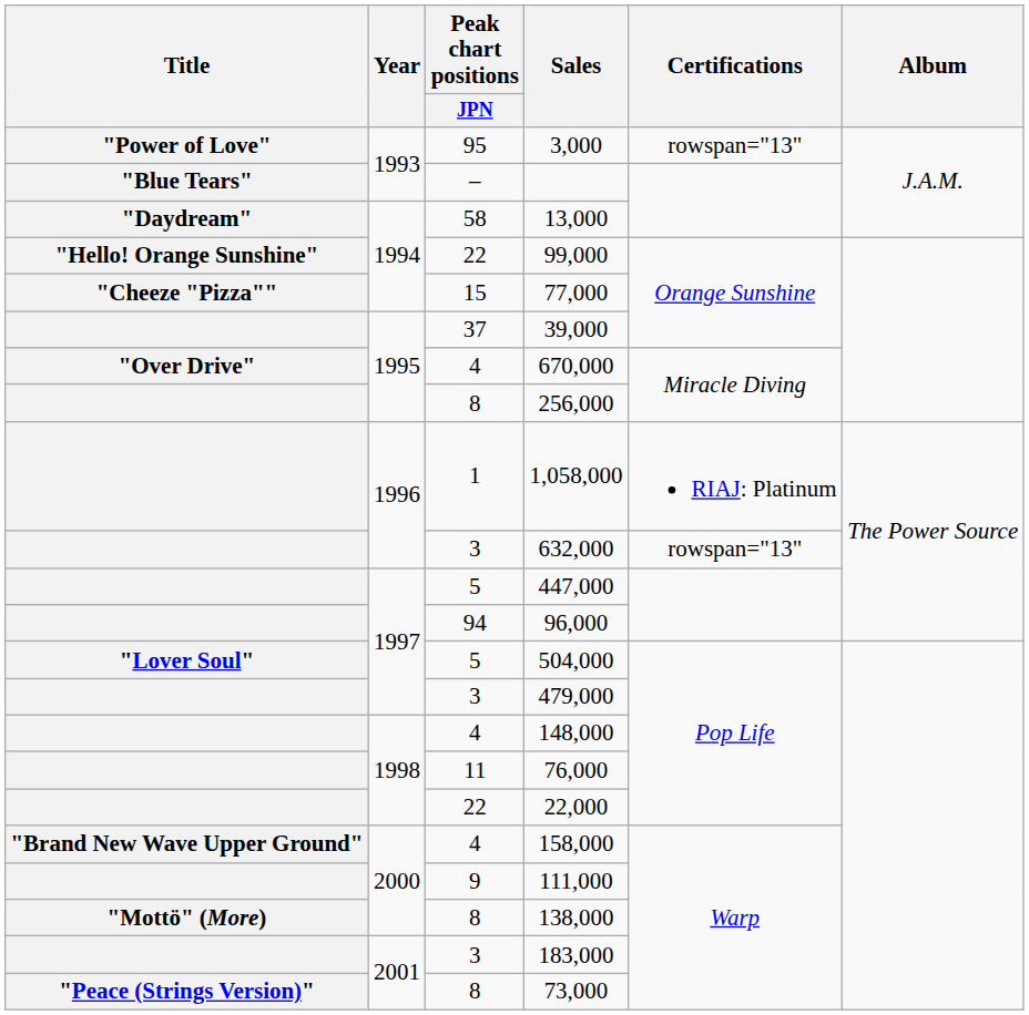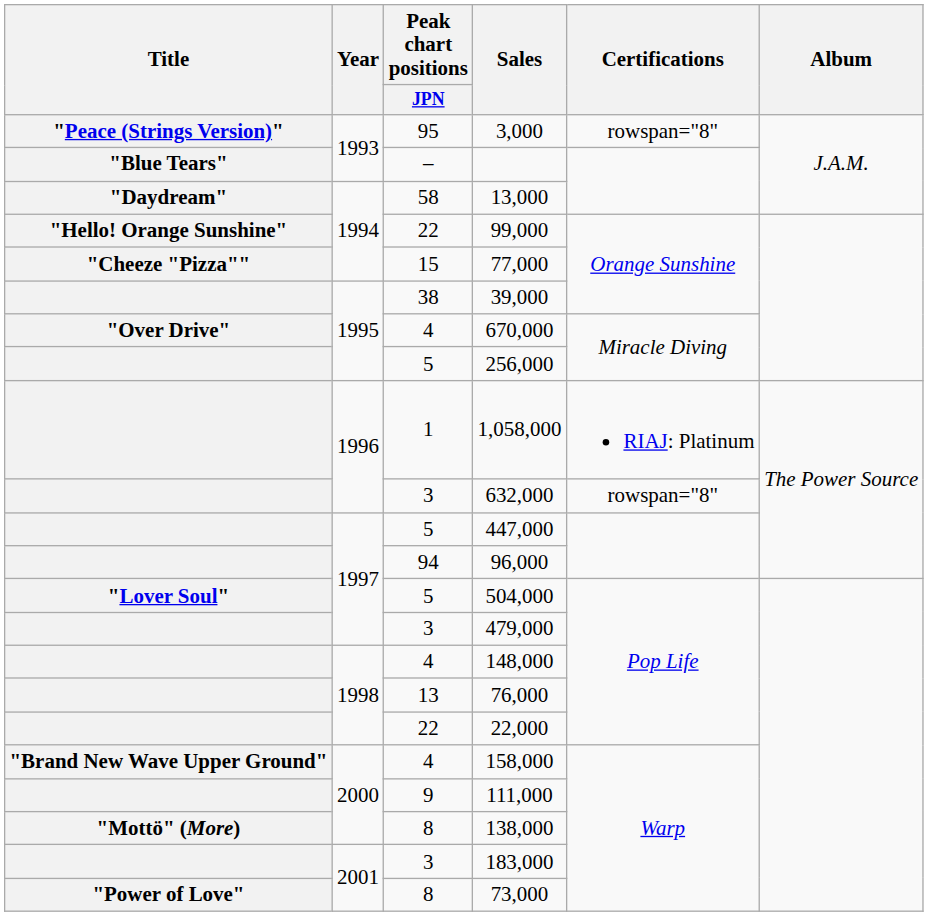 <table class="wikitable plainrowheaders" style="text-align:center;">
 <tr>
 <th scope="col" rowspan="2">Title</th>
 <th scope="col" rowspan="2">Year</th>
 <th scope="col">Peak chart positions</th>
 <th scope="col" rowspan="2">Sales</th>
 <th scope="col" rowspan="2">Certifications</th>
 <th scope="col" rowspan="2">Album</th>
 </tr>
 <tr>
 <th scope="col" ! scope="col" style="width:2.75em;font-size:85%;"><a href='#'>JPN</a></th>
 </tr>
 <tr>
-<th scope="row">"Power of Love"</th>
+<th scope="row">"<a href='#'>Peace (Strings Version)</a>"</th>
 <td rowspan="2">1993</td>
 <td>95</td>
 <td>3,000</td>
-<td>rowspan="13" </td>
+<td>rowspan="8" </td>
 <td rowspan="3"><em>J.A.M.</em></td>
 </tr>
 <tr>
 <th scope="row">"Blue Tears"</th>
 <td>–</td>
 <td></td>
 </tr>
 <tr>
 <th scope="row">"Daydream"</th>
 <td rowspan="3">1994</td>
 <td>58</td>
 <td>13,000</td>
 </tr>
 <tr>
 <th scope="row">"Hello! Orange Sunshine"</th>
 <td>22</td>
 <td>99,000</td>
 <td rowspan="3"><em><a href='#'>Orange Sunshine</a></em></td>
 </tr>
 <tr>
 <th scope="row">"Cheeze "Pizza""</th>
 <td>15</td>
 <td>77,000</td>
 </tr>
 <tr>
 <th scope="row"></th>
 <td rowspan="3">1995</td>
-<td>37</td>
+<td>38</td>
 <td>39,000</td>
 </tr>
 <tr>
 <th scope="row">"Over Drive"</th>
 <td>4</td>
 <td>670,000</td>
 <td rowspan="2"><em>Miracle Diving</em></td>
 </tr>
 <tr>
 <th scope="row"></th>
-<td>8</td>
+<td>5</td>
 <td>256,000</td>
 </tr>
 <tr>
 <th scope="row"></th>
 <td rowspan="2">1996</td>
 <td>1</td>
 <td>1,058,000</td>
 <td><br><ul><li><a href='#'>RIAJ</a>: Platinum </li></ul></td>
 <td rowspan="4"><em>The Power Source</em></td>
 </tr>
 <tr>
 <th scope="row"></th>
 <td>3</td>
 <td>632,000</td>
-<td>rowspan="13" </td>
+<td>rowspan="8" </td>
 </tr>
 <tr>
 <th scope="row"></th>
 <td rowspan="4">1997</td>
 <td>5</td>
 <td>447,000</td>
 </tr>
 <tr>
 <th scope="row"></th>
 <td>94</td>
 <td>96,000</td>
 </tr>
 <tr>
 <th scope="row">"<a href='#'>Lover Soul</a>"</th>
 <td>5</td>
 <td>504,000</td>
 <td rowspan="5"><em><a href='#'>Pop Life</a></em></td>
 </tr>
 <tr>
 <th scope="row"></th>
 <td>3</td>
 <td>479,000</td>
 </tr>
 <tr>
 <th scope="row"></th>
 <td rowspan="3">1998</td>
 <td>4</td>
 <td>148,000</td>
 </tr>
 <tr>
 <th scope="row"></th>
-<td>11</td>
+<td>13</td>
 <td>76,000</td>
 </tr>
 <tr>
 <th scope="row"></th>
 <td>22</td>
 <td>22,000</td>
 </tr>
 <tr>
 <th scope="row">"Brand New Wave Upper Ground"</th>
 <td rowspan="3">2000</td>
 <td>4</td>
 <td>158,000</td>
 <td rowspan="5"><em><a href='#'>Warp</a></em></td>
 </tr>
 <tr>
 <th scope="row"></th>
 <td>9</td>
 <td>111,000</td>
 </tr>
 <tr>
 <th scope="row">"Mottö" (<em>More</em>)</th>
 <td>8</td>
 <td>138,000</td>
 </tr>
 <tr>
 <th scope="row"></th>
 <td rowspan="2">2001</td>
 <td>3</td>
 <td>183,000</td>
 </tr>
 <tr>
-<th scope="row">"<a href='#'>Peace (Strings Version)</a>"</th>
+<th scope="row">"Power of Love"</th>
 <td>8</td>
 <td>73,000</td>
 </tr>
 </table>
